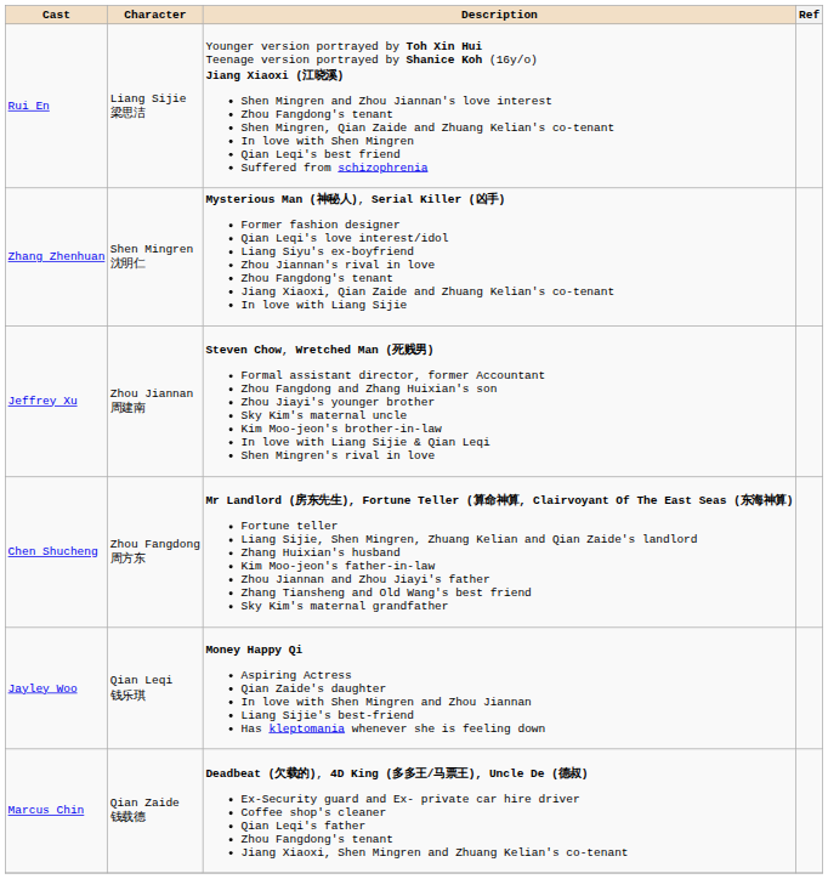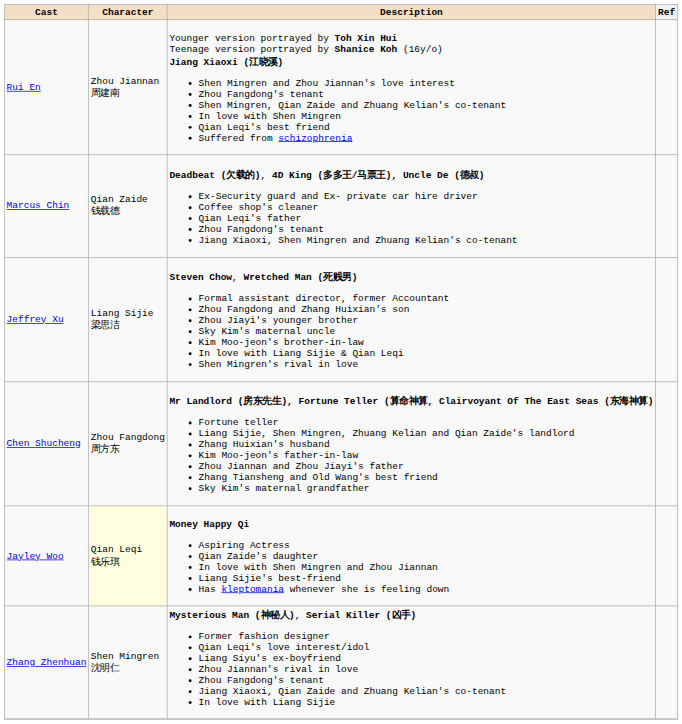 <table class="wikitable">
 <tr>
 <th style="background:#f2dfc6">Cast</th>
 <th style="background:#f2dfc6">Character</th>
 <th style="background:#f2dfc6">Description</th>
 <th>Ref</th>
 </tr>
 <tr>
 <td><a href='#'>Rui En</a></td>
-<td>Liang Sijie <br> 梁思洁</td>
+<td>Zhou Jiannan <br> 周建南</td>
 <td><br>Younger version portrayed by <strong>Toh Xin Hui</strong> <br> Teenage version portrayed by <strong>Shanice Koh</strong> (16y/o)  <br> <strong> Jiang Xiaoxi (江晓溪) </strong><ul><li>Shen Mingren and Zhou Jiannan's love interest</li><li>Zhou Fangdong's tenant</li><li>Shen Mingren, Qian Zaide and Zhuang Kelian's co-tenant</li><li>In love with Shen Mingren</li><li>Qian Leqi's best friend</li><li>Suffered from <a href='#'>schizophrenia</a></li></ul></td>
 <td></td>
 </tr>
 <tr>
-<td><a href='#'>Zhang Zhenhuan</a></td>
-<td>Shen Mingren <br> 沈明仁</td>
-<td><strong>Mysterious Man (神秘人)</strong>, <strong>Serial Killer (凶手)</strong><br><ul><li>Former fashion designer</li><li>Qian Leqi's love interest/idol</li><li>Liang Siyu's ex-boyfriend</li><li>Zhou Jiannan's rival in love</li><li>Zhou Fangdong's tenant</li><li>Jiang Xiaoxi, Qian Zaide and Zhuang Kelian's co-tenant</li><li>In love with Liang Sijie</li></ul></td>
+<td><a href='#'>Marcus Chin</a></td>
+<td>Qian Zaide <br> 钱载德</td>
+<td><br><strong>Deadbeat (欠载的)</strong>, <strong>4D King (多多王/马票王), Uncle De (德叔)</strong><ul><li>Ex-Security guard and Ex- private car hire driver</li><li>Coffee shop's cleaner</li><li>Qian Leqi's father</li><li>Zhou Fangdong's tenant</li><li>Jiang Xiaoxi, Shen Mingren and Zhuang Kelian's co-tenant</li></ul></td>
 <td></td>
 </tr>
 <tr>
 <td><a href='#'>Jeffrey Xu</a></td>
-<td>Zhou Jiannan <br> 周建南</td>
+<td>Liang Sijie <br> 梁思洁</td>
 <td><br><strong>Steven Chow</strong>, <strong>Wretched Man (死贱男)</strong><ul><li>Formal assistant director, former Accountant</li><li>Zhou Fangdong and Zhang Huixian's son</li><li>Zhou Jiayi's younger brother</li><li>Sky Kim's maternal uncle</li><li>Kim Moo-jeon's brother-in-law</li><li>In love with Liang Sijie & Qian Leqi</li><li>Shen Mingren's rival in love</li></ul></td>
 <td></td>
 </tr>
 <tr>
 <td><a href='#'>Chen Shucheng</a></td>
 <td>Zhou Fangdong <br> 周方东</td>
 <td><br><strong>Mr Landlord (房东先生), Fortune Teller (算命神算, Clairvoyant Of The East Seas (东海神算)</strong><ul><li>Fortune teller</li><li>Liang Sijie, Shen Mingren, Zhuang Kelian and Qian Zaide's landlord</li><li>Zhang Huixian's husband</li><li>Kim Moo-jeon's father-in-law</li><li>Zhou Jiannan and Zhou Jiayi's father</li><li>Zhang Tiansheng and Old Wang's best friend</li><li>Sky Kim's maternal grandfather</li></ul></td>
 <td></td>
 </tr>
 <tr>
 <td><a href='#'>Jayley Woo</a></td>
-<td>Qian Leqi <br> 钱乐琪</td>
+<td style="background: lightyellow;">Qian Leqi <br> 钱乐琪</td>
 <td><br><strong>Money Happy Qi</strong><ul><li>Aspiring Actress</li><li>Qian Zaide's daughter</li><li>In love with Shen Mingren and Zhou Jiannan</li><li>Liang Sijie's best-friend</li><li>Has <a href='#'>kleptomania</a> whenever she is feeling down</li></ul></td>
 <td></td>
 </tr>
 <tr>
-<td><a href='#'>Marcus Chin</a></td>
-<td>Qian Zaide <br> 钱载德</td>
-<td><br><strong>Deadbeat (欠载的)</strong>, <strong>4D King (多多王/马票王), Uncle De (德叔)</strong><ul><li>Ex-Security guard and Ex- private car hire driver</li><li>Coffee shop's cleaner</li><li>Qian Leqi's father</li><li>Zhou Fangdong's tenant</li><li>Jiang Xiaoxi, Shen Mingren and Zhuang Kelian's co-tenant</li></ul></td>
+<td><a href='#'>Zhang Zhenhuan</a></td>
+<td>Shen Mingren <br> 沈明仁</td>
+<td><strong>Mysterious Man (神秘人)</strong>, <strong>Serial Killer (凶手)</strong><br><ul><li>Former fashion designer</li><li>Qian Leqi's love interest/idol</li><li>Liang Siyu's ex-boyfriend</li><li>Zhou Jiannan's rival in love</li><li>Zhou Fangdong's tenant</li><li>Jiang Xiaoxi, Qian Zaide and Zhuang Kelian's co-tenant</li><li>In love with Liang Sijie</li></ul></td>
 <td></td>
 </tr>
 <tr>
 </tr>
 </table>
